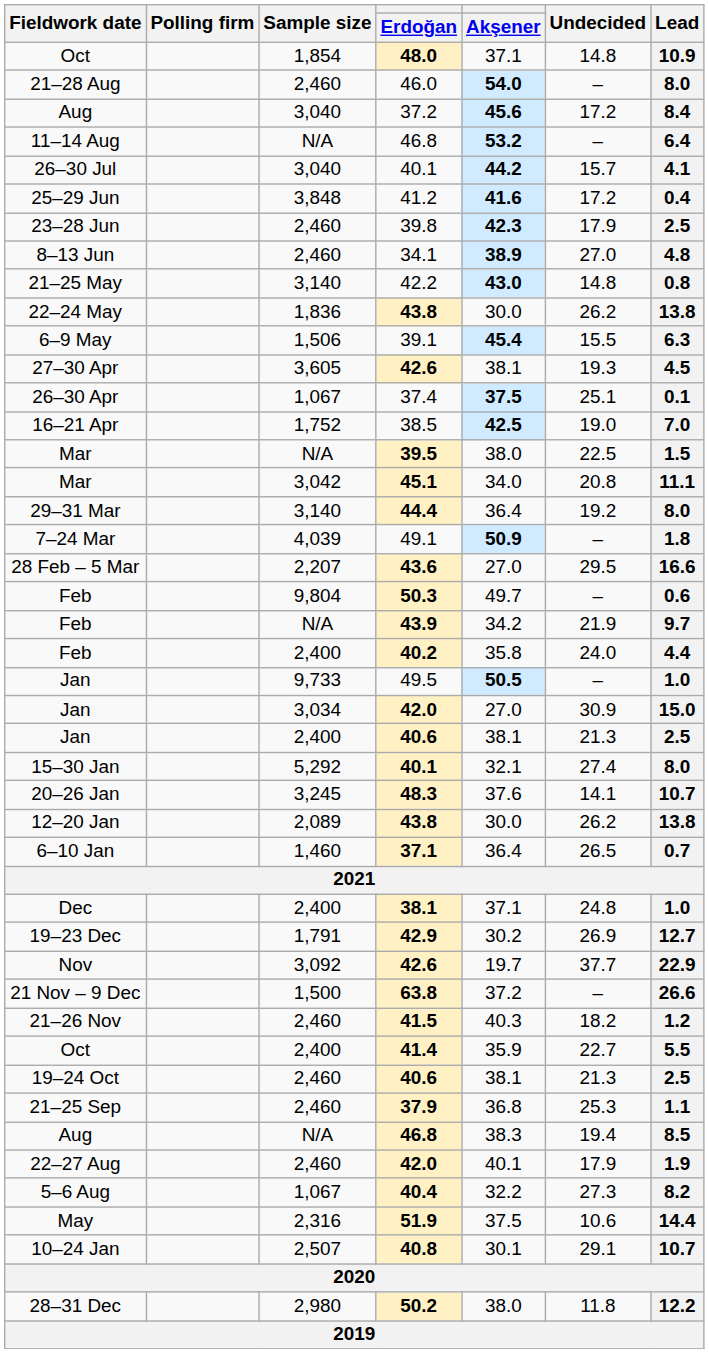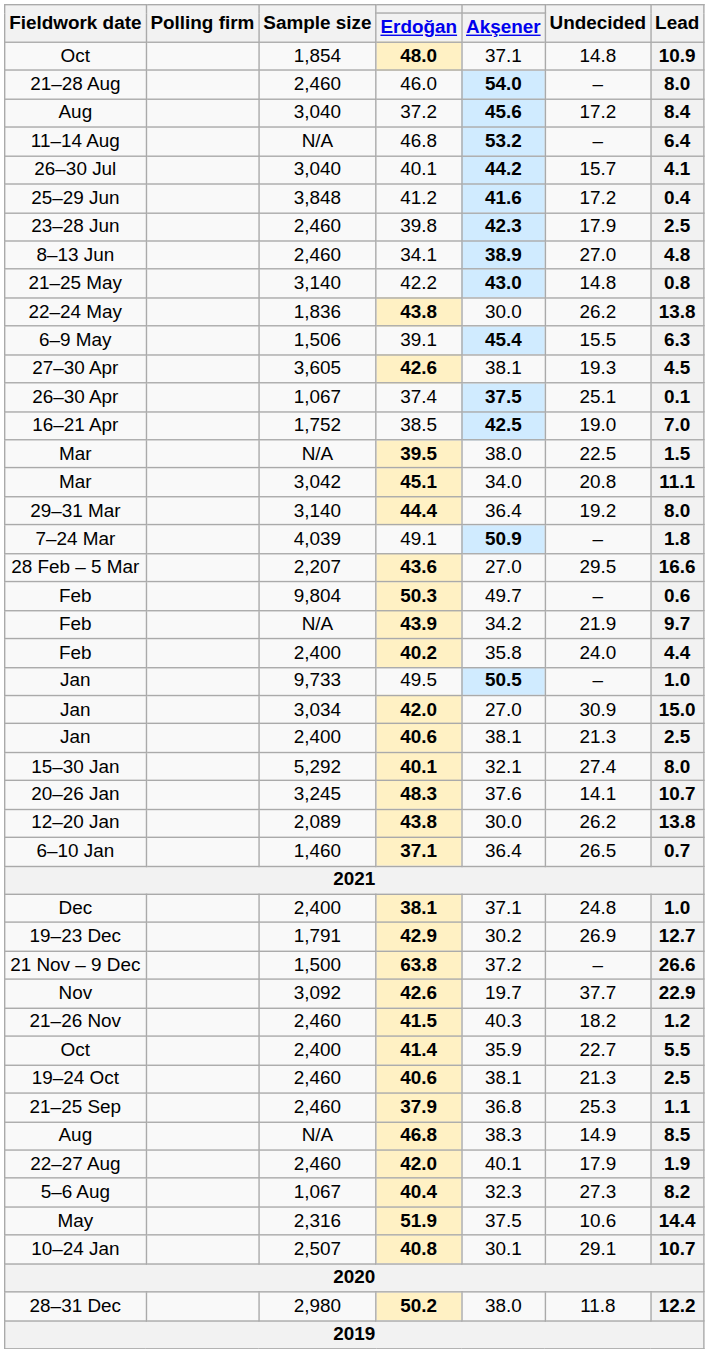 <table class="wikitable mw-datatable mw-collapsible mw-collapsed" style="text-align:center; font-size:85%; line-height:14px;">
 <tr>
 <th rowspan="2">Fieldwork date</th>
 <th rowspan="2">Polling firm</th>
 <th rowspan="2">Sample size</th>
 <th style="background:"></th>
 <th style="background:"></th>
 <th rowspan="2">Undecided</th>
 <th rowspan="2">Lead</th>
 </tr>
 <tr>
 <th><a href='#'>Erdoğan</a><br></th>
 <th><a href='#'>Akşener</a><br></th>
 </tr>
 <tr>
 <td>Oct</td>
 <td></td>
 <td>1,854</td>
 <td style="background:#FFF1C4"><strong>48.0</strong></td>
 <td>37.1</td>
 <td>14.8</td>
 <th style="background:">10.9</th>
 </tr>
 <tr>
 <td>21–28 Aug</td>
 <td></td>
 <td>2,460</td>
 <td>46.0</td>
 <td style="background:#D0EBFF"><strong>54.0</strong></td>
 <td>–</td>
 <th style="background:">8.0</th>
 </tr>
 <tr>
 <td>Aug</td>
 <td></td>
 <td>3,040</td>
 <td>37.2</td>
 <td style="background:#D0EBFF"><strong>45.6</strong></td>
 <td>17.2</td>
 <th style="background:">8.4</th>
 </tr>
 <tr>
 <td>11–14 Aug</td>
 <td></td>
 <td>N/A</td>
 <td>46.8</td>
 <td style="background:#D0EBFF"><strong>53.2</strong></td>
 <td>–</td>
 <th style="background:">6.4</th>
 </tr>
 <tr>
 <td>26–30 Jul</td>
 <td></td>
 <td>3,040</td>
 <td>40.1</td>
 <td style="background:#D0EBFF"><strong>44.2</strong></td>
 <td>15.7</td>
 <th style="background:">4.1</th>
 </tr>
 <tr>
 <td>25–29 Jun</td>
 <td></td>
 <td>3,848</td>
 <td>41.2</td>
 <td style="background:#D0EBFF"><strong>41.6</strong></td>
 <td>17.2</td>
 <th style="background:">0.4</th>
 </tr>
 <tr>
 <td>23–28 Jun</td>
 <td></td>
 <td>2,460</td>
 <td>39.8</td>
 <td style="background:#D0EBFF"><strong>42.3</strong></td>
 <td>17.9</td>
 <th style="background:">2.5</th>
 </tr>
 <tr>
 <td>8–13 Jun</td>
 <td></td>
 <td>2,460</td>
 <td>34.1</td>
 <td style="background:#D0EBFF"><strong>38.9</strong></td>
 <td>27.0</td>
 <th style="background:">4.8</th>
 </tr>
 <tr>
 <td>21–25 May</td>
 <td></td>
 <td>3,140</td>
 <td>42.2</td>
 <td style="background:#D0EBFF"><strong>43.0</strong></td>
 <td>14.8</td>
 <th style="background:">0.8</th>
 </tr>
 <tr>
 <td>22–24 May</td>
 <td></td>
 <td>1,836</td>
 <td style="background:#FFF1C4"><strong>43.8</strong></td>
 <td>30.0</td>
 <td>26.2</td>
 <th style="background:">13.8</th>
 </tr>
 <tr>
 <td>6–9 May</td>
 <td></td>
 <td>1,506</td>
 <td>39.1</td>
 <td style="background:#D0EBFF"><strong>45.4</strong></td>
 <td>15.5</td>
 <th style="background:">6.3</th>
 </tr>
 <tr>
 <td>27–30 Apr</td>
 <td></td>
 <td>3,605</td>
 <td style="background:#FFF1C4"><strong>42.6</strong></td>
 <td>38.1</td>
 <td>19.3</td>
 <th style="background:">4.5</th>
 </tr>
 <tr>
 <td>26–30 Apr</td>
 <td></td>
 <td>1,067</td>
 <td>37.4</td>
 <td style="background:#D0EBFF"><strong>37.5</strong></td>
 <td>25.1</td>
 <th style="background:">0.1</th>
 </tr>
 <tr>
 <td>16–21 Apr</td>
 <td></td>
 <td>1,752</td>
 <td>38.5</td>
 <td style="background:#D0EBFF"><strong>42.5</strong></td>
 <td>19.0</td>
 <th style="background:">7.0</th>
 </tr>
 <tr>
 <td>Mar</td>
 <td></td>
 <td>N/A</td>
 <td style="background:#FFF1C4"><strong>39.5</strong></td>
 <td>38.0</td>
 <td>22.5</td>
 <th style="background:">1.5</th>
 </tr>
 <tr>
 <td>Mar</td>
 <td></td>
 <td>3,042</td>
 <td style="background:#FFF1C4"><strong>45.1</strong></td>
 <td>34.0</td>
 <td>20.8</td>
 <th style="background:">11.1</th>
 </tr>
 <tr>
 <td>29–31 Mar</td>
 <td></td>
 <td>3,140</td>
 <td style="background:#FFF1C4"><strong>44.4</strong></td>
 <td>36.4</td>
 <td>19.2</td>
 <th style="background:">8.0</th>
 </tr>
 <tr>
 <td>7–24 Mar</td>
 <td></td>
 <td>4,039</td>
 <td>49.1</td>
 <td style="background:#D0EBFF"><strong>50.9</strong></td>
 <td>–</td>
 <th style="background:">1.8</th>
 </tr>
 <tr>
 <td>28 Feb – 5 Mar</td>
 <td></td>
 <td>2,207</td>
 <td style="background:#FFF1C4"><strong>43.6</strong></td>
 <td>27.0</td>
 <td>29.5</td>
 <th style="background:">16.6</th>
 </tr>
 <tr>
 <td>Feb</td>
 <td></td>
 <td>9,804</td>
 <td style="background:#FFF1C4"><strong>50.3</strong></td>
 <td>49.7</td>
 <td>–</td>
 <th style="background:">0.6</th>
 </tr>
 <tr>
 <td>Feb</td>
 <td></td>
 <td>N/A</td>
 <td style="background:#FFF1C4"><strong>43.9</strong></td>
 <td>34.2</td>
 <td>21.9</td>
 <th style="background:">9.7</th>
 </tr>
 <tr>
 <td>Feb</td>
 <td></td>
 <td>2,400</td>
 <td style="background:#FFF1C4"><strong>40.2</strong></td>
 <td>35.8</td>
 <td>24.0</td>
 <th style="background:">4.4</th>
 </tr>
 <tr>
 <td>Jan</td>
 <td></td>
 <td>9,733</td>
 <td>49.5</td>
 <td style="background:#D0EBFF"><strong>50.5</strong></td>
 <td>–</td>
 <th style="background:">1.0</th>
 </tr>
 <tr>
 <td>Jan</td>
 <td></td>
 <td>3,034</td>
 <td style="background:#FFF1C4"><strong>42.0</strong></td>
 <td>27.0</td>
 <td>30.9</td>
 <th style="background:">15.0</th>
 </tr>
 <tr>
 <td>Jan</td>
 <td></td>
 <td>2,400</td>
 <td style="background:#FFF1C4"><strong>40.6</strong></td>
 <td>38.1</td>
 <td>21.3</td>
 <th style="background:">2.5</th>
 </tr>
 <tr>
 <td>15–30 Jan</td>
 <td></td>
 <td>5,292</td>
 <td style="background:#FFF1C4"><strong>40.1</strong></td>
 <td>32.1</td>
 <td>27.4</td>
 <th style="background:">8.0</th>
 </tr>
 <tr>
 <td>20–26 Jan</td>
 <td></td>
 <td>3,245</td>
 <td style="background:#FFF1C4"><strong>48.3</strong></td>
 <td>37.6</td>
 <td>14.1</td>
 <th style="background:">10.7</th>
 </tr>
 <tr>
 <td>12–20 Jan</td>
 <td></td>
 <td>2,089</td>
 <td style="background:#FFF1C4"><strong>43.8</strong></td>
 <td>30.0</td>
 <td>26.2</td>
 <th style="background:">13.8</th>
 </tr>
 <tr>
 <td>6–10 Jan</td>
 <td></td>
 <td>1,460</td>
 <td style="background:#FFF1C4"><strong>37.1</strong></td>
 <td>36.4</td>
 <td>26.5</td>
 <th style="background:">0.7</th>
 </tr>
 <tr>
 <th colspan=7>2021</th>
 </tr>
 <tr>
 <td>Dec</td>
 <td></td>
 <td>2,400</td>
 <td style="background:#FFF1C4"><strong>38.1</strong></td>
 <td>37.1</td>
 <td>24.8</td>
 <th style="background:">1.0</th>
 </tr>
 <tr>
 <td>19–23 Dec</td>
 <td></td>
 <td>1,791</td>
 <td style="background:#FFF1C4"><strong>42.9</strong></td>
 <td>30.2</td>
 <td>26.9</td>
 <th style="background:">12.7</th>
 </tr>
 <tr>
+<td>21 Nov – 9 Dec</td>
+<td></td>
+<td>1,500</td>
+<td style="background:#FFF1C4"><strong>63.8</strong></td>
+<td>37.2</td>
+<td>–</td>
+<th style="background:">26.6</th>
+</tr>
+<tr>
 <td>Nov</td>
 <td></td>
 <td>3,092</td>
 <td style="background:#FFF1C4"><strong>42.6</strong></td>
 <td>19.7</td>
 <td>37.7</td>
 <th style="background:">22.9</th>
-</tr>
-<tr>
-<td>21 Nov – 9 Dec</td>
-<td></td>
-<td>1,500</td>
-<td style="background:#FFF1C4"><strong>63.8</strong></td>
-<td>37.2</td>
-<td>–</td>
-<th style="background:">26.6</th>
 </tr>
 <tr>
 <td>21–26 Nov</td>
 <td></td>
 <td>2,460</td>
 <td style="background:#FFF1C4"><strong>41.5</strong></td>
 <td>40.3</td>
 <td>18.2</td>
 <th style="background:">1.2</th>
 </tr>
 <tr>
 <td>Oct</td>
 <td></td>
 <td>2,400</td>
 <td style="background:#FFF1C4"><strong>41.4</strong></td>
 <td>35.9</td>
 <td>22.7</td>
 <th style="background:">5.5</th>
 </tr>
 <tr>
 <td>19–24 Oct</td>
 <td></td>
 <td>2,460</td>
 <td style="background:#FFF1C4"><strong>40.6</strong></td>
 <td>38.1</td>
 <td>21.3</td>
 <th style="background:">2.5</th>
 </tr>
 <tr>
 <td>21–25 Sep</td>
 <td></td>
 <td>2,460</td>
 <td style="background:#FFF1C4"><strong>37.9</strong></td>
 <td>36.8</td>
 <td>25.3</td>
 <th style="background:">1.1</th>
 </tr>
 <tr>
 <td>Aug</td>
 <td></td>
 <td>N/A</td>
 <td style="background:#FFF1C4"><strong>46.8</strong></td>
 <td>38.3</td>
-<td>19.4</td>
+<td>14.9</td>
 <th style="background:">8.5</th>
 </tr>
 <tr>
 <td>22–27 Aug</td>
 <td></td>
 <td>2,460</td>
 <td style="background:#FFF1C4"><strong>42.0</strong></td>
 <td>40.1</td>
 <td>17.9</td>
 <th style="background:">1.9</th>
 </tr>
 <tr>
 <td>5–6 Aug</td>
 <td></td>
 <td>1,067</td>
 <td style="background:#FFF1C4"><strong>40.4</strong></td>
-<td>32.2</td>
+<td>32.3</td>
 <td>27.3</td>
 <th style="background:">8.2</th>
 </tr>
 <tr>
 <td>May</td>
 <td></td>
 <td>2,316</td>
 <td style="background:#FFF1C4"><strong>51.9</strong></td>
 <td>37.5</td>
 <td>10.6</td>
 <th style="background:">14.4</th>
 </tr>
 <tr>
 <td>10–24 Jan</td>
 <td></td>
 <td>2,507</td>
 <td style="background:#FFF1C4"><strong>40.8</strong></td>
 <td>30.1</td>
 <td>29.1</td>
 <th style="background:">10.7</th>
 </tr>
 <tr>
 <th colspan=7>2020</th>
 </tr>
 <tr>
 <td>28–31 Dec</td>
 <td></td>
 <td>2,980</td>
 <td style="background:#FFF1C4"><strong>50.2</strong></td>
 <td>38.0</td>
 <td>11.8</td>
 <th style="background:">12.2</th>
 </tr>
 <tr>
 <th colspan=7>2019</th>
 </tr>
 </table>
